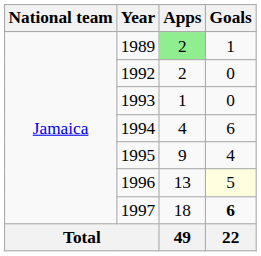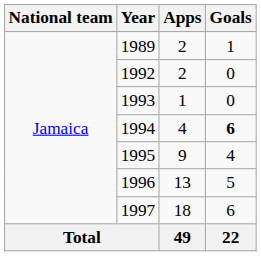 <table class="wikitable" style="text-align:center">
 <tr>
 <th>National team</th>
 <th>Year</th>
 <th>Apps</th>
 <th>Goals</th>
 </tr>
 <tr>
 <td rowspan="7"><a href='#'>Jamaica</a></td>
 <td>1989</td>
-<td style="background: lightgreen;">2</td>
+<td>2</td>
 <td>1</td>
 </tr>
 <tr>
 <td>1992</td>
 <td>2</td>
 <td>0</td>
 </tr>
 <tr>
 <td>1993</td>
 <td>1</td>
 <td>0</td>
 </tr>
 <tr>
 <td>1994</td>
 <td>4</td>
-<td>6</td>
+<td><strong>6</strong></td>
 </tr>
 <tr>
 <td>1995</td>
 <td>9</td>
 <td>4</td>
 </tr>
 <tr>
 <td>1996</td>
 <td>13</td>
-<td style="background: lightyellow;">5</td>
+<td>5</td>
 </tr>
 <tr>
 <td>1997</td>
 <td>18</td>
-<td><strong>6</strong></td>
+<td>6</td>
 </tr>
 <tr>
 <th colspan="2">Total</th>
 <th>49</th>
 <th>22</th>
 </tr>
 </table>
